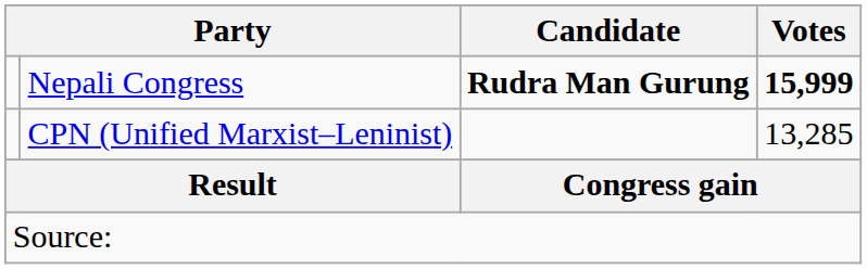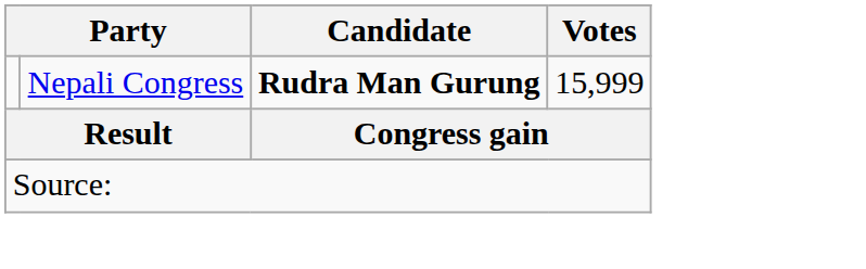 <table class="wikitable">
 <tr>
 <th colspan="2">Party</th>
 <th>Candidate</th>
 <th>Votes</th>
 </tr>
 <tr>
 <td style="background-color:"></td>
 <td><a href='#'>Nepali Congress</a></td>
 <td><strong>Rudra Man Gurung</strong></td>
-<td><strong>15,999</strong></td>
-</tr>
-<tr>
-<td style="background-color:"></td>
-<td><a href='#'>CPN (Unified Marxist–Leninist)</a></td>
-<td></td>
-<td>13,285</td>
+<td>15,999</td>
 </tr>
 <tr>
 <th colspan="2">Result</th>
 <th colspan="2">Congress gain</th>
 </tr>
 <tr>
 <td colspan="4">Source: </td>
 </tr>
 </table>
